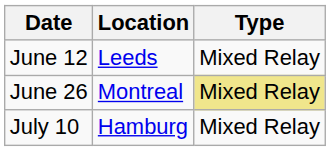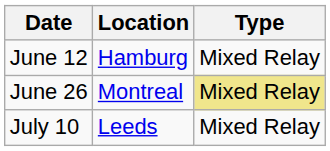 <table class="wikitable" style="display:inline-table;">
 <tr>
 <th>Date</th>
 <th>Location</th>
 <th>Type</th>
 </tr>
 <tr>
 <td>June 12</td>
-<td> <a href='#'>Leeds</a></td>
+<td> <a href='#'>Hamburg</a></td>
 <td>Mixed Relay</td>
 </tr>
 <tr>
 <td>June 26</td>
 <td> <a href='#'>Montreal</a></td>
 <td style="background: khaki;">Mixed Relay</td>
 </tr>
 <tr>
 <td>July 10</td>
-<td> <a href='#'>Hamburg</a></td>
+<td> <a href='#'>Leeds</a></td>
 <td>Mixed Relay</td>
 </tr>
 </table>
